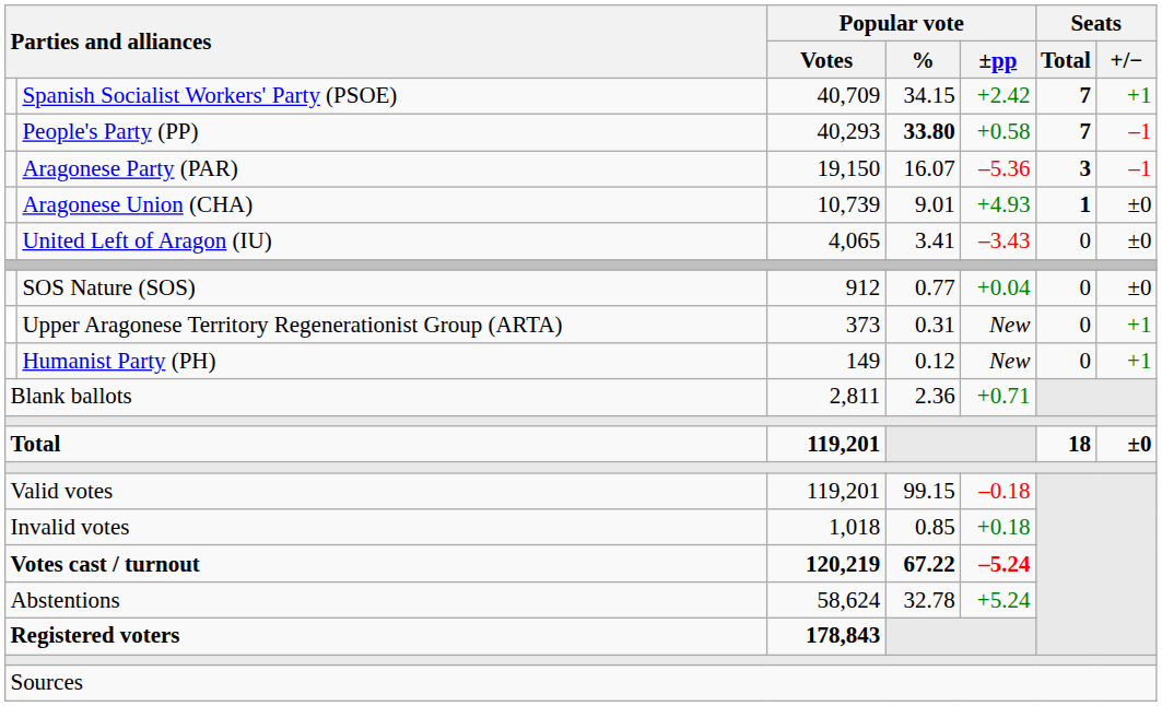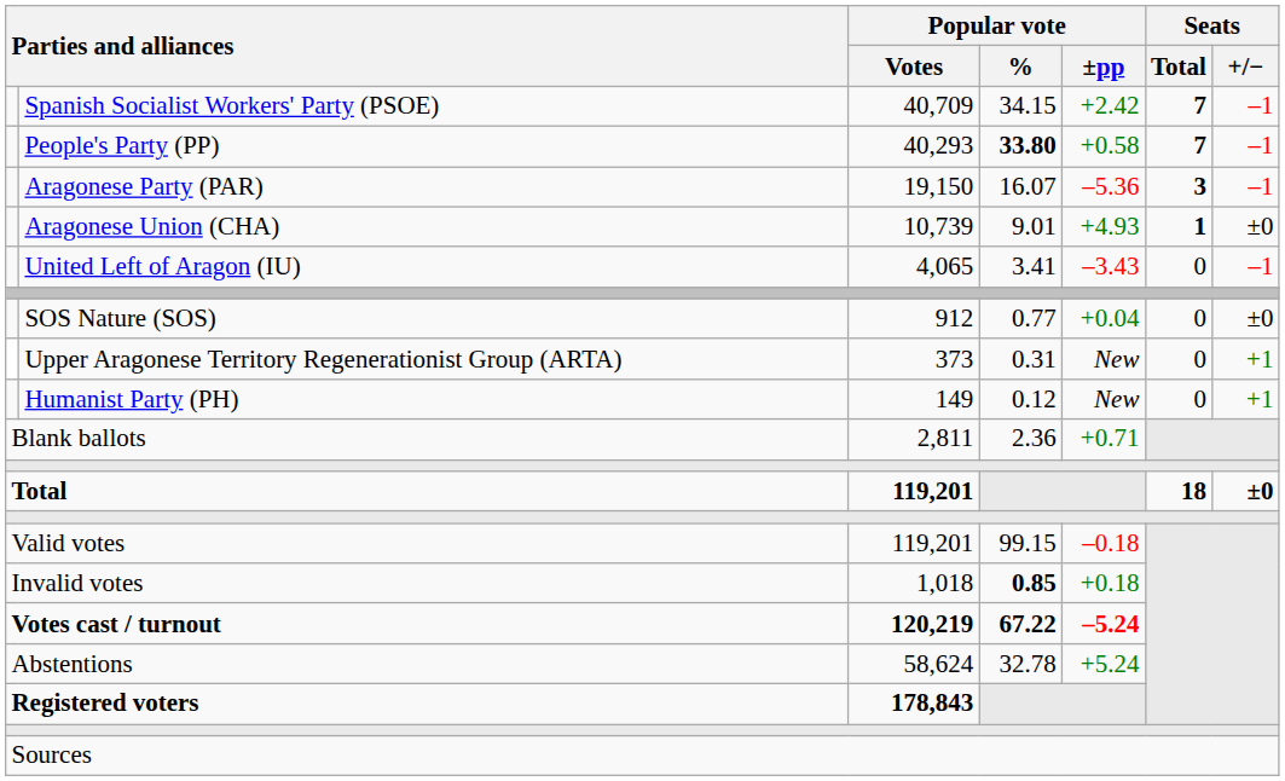 <table class="wikitable" style="text-align:right;">
 <tr>
 <th style="text-align:left;" rowspan="2" colspan="2" width="525">Parties and alliances</th>
 <th colspan="3">Popular vote</th>
 <th colspan="2">Seats</th>
 </tr>
 <tr>
 <th width="75">Votes</th>
 <th width="45">%</th>
 <th width="45">±<a href='#'>pp</a></th>
 <th width="35">Total</th>
 <th width="35">+/−</th>
 </tr>
 <tr>
 <td width="1" style="color:inherit;background:"></td>
 <td align="left"><a href='#'>Spanish Socialist Workers' Party</a> (PSOE)</td>
 <td>40,709</td>
 <td>34.15</td>
 <td style="color:green;">+2.42</td>
 <td><strong>7</strong></td>
-<td style="color:green;">+1</td>
+<td style="color:red;">–1</td>
 </tr>
 <tr>
 <td style="color:inherit;background:"></td>
 <td align="left"><a href='#'>People's Party</a> (PP)</td>
 <td>40,293</td>
 <td><strong>33.80</strong></td>
 <td style="color:green;">+0.58</td>
 <td><strong>7</strong></td>
 <td style="color:red;">–1</td>
 </tr>
 <tr>
 <td style="color:inherit;background:"></td>
 <td align="left"><a href='#'>Aragonese Party</a> (PAR)</td>
 <td>19,150</td>
 <td>16.07</td>
 <td style="color:red;">–5.36</td>
 <td><strong>3</strong></td>
 <td style="color:red;">–1</td>
 </tr>
 <tr>
 <td style="color:inherit;background:"></td>
 <td align="left"><a href='#'>Aragonese Union</a> (CHA)</td>
 <td>10,739</td>
 <td>9.01</td>
 <td style="color:green;">+4.93</td>
 <td><strong>1</strong></td>
 <td>±0</td>
 </tr>
 <tr>
 <td style="color:inherit;background:"></td>
 <td align="left"><a href='#'>United Left of Aragon</a> (IU)</td>
 <td>4,065</td>
 <td>3.41</td>
 <td style="color:red;">–3.43</td>
 <td>0</td>
-<td>±0</td>
+<td style="color:red;">–1</td>
 </tr>
 <tr>
 <td colspan="7" bgcolor="#C0C0C0"></td>
 </tr>
 <tr>
 <td style="color:inherit;background:"></td>
 <td align="left">SOS Nature (SOS)</td>
 <td>912</td>
 <td>0.77</td>
 <td style="color:green;">+0.04</td>
 <td>0</td>
 <td>±0</td>
 </tr>
 <tr>
 <td bgcolor="white"></td>
 <td align="left">Upper Aragonese Territory Regenerationist Group (ARTA)</td>
 <td>373</td>
 <td>0.31</td>
 <td><em>New</em></td>
 <td>0</td>
 <td style="color:green;">+1</td>
 </tr>
 <tr>
 <td style="color:inherit;background:"></td>
 <td align="left"><a href='#'>Humanist Party</a> (PH)</td>
 <td>149</td>
 <td>0.12</td>
 <td><em>New</em></td>
 <td>0</td>
 <td style="color:green;">+1</td>
 </tr>
 <tr>
 <td align="left" colspan="2">Blank ballots</td>
 <td>2,811</td>
 <td>2.36</td>
 <td style="color:green;">+0.71</td>
 <td bgcolor="#E9E9E9" colspan="2"></td>
 </tr>
 <tr>
 <td colspan="7" bgcolor="#E9E9E9"></td>
 </tr>
 <tr style="font-weight:bold;">
 <td align="left" colspan="2">Total</td>
 <td>119,201</td>
 <td bgcolor="#E9E9E9" colspan="2"></td>
 <td>18</td>
 <td>±0</td>
 </tr>
 <tr>
 <td colspan="7" bgcolor="#E9E9E9"></td>
 </tr>
 <tr>
 <td align="left" colspan="2">Valid votes</td>
 <td>119,201</td>
 <td>99.15</td>
 <td style="color:red;">–0.18</td>
 <td bgcolor="#E9E9E9" colspan="2" rowspan="5"></td>
 </tr>
 <tr>
 <td align="left" colspan="2">Invalid votes</td>
 <td>1,018</td>
-<td>0.85</td>
+<td><strong>0.85</strong></td>
 <td style="color:green;">+0.18</td>
 </tr>
 <tr style="font-weight:bold;">
 <td align="left" colspan="2">Votes cast / turnout</td>
 <td>120,219</td>
 <td>67.22</td>
 <td style="color:red;">–5.24</td>
 </tr>
 <tr>
 <td align="left" colspan="2">Abstentions</td>
 <td>58,624</td>
 <td>32.78</td>
 <td style="color:green;">+5.24</td>
 </tr>
 <tr style="font-weight:bold;">
 <td align="left" colspan="2">Registered voters</td>
 <td>178,843</td>
 <td bgcolor="#E9E9E9" colspan="2"></td>
 </tr>
 <tr>
 <td colspan="7" bgcolor="#E9E9E9"></td>
 </tr>
 <tr>
 <td align="left" colspan="7">Sources</td>
 </tr>
 </table>
